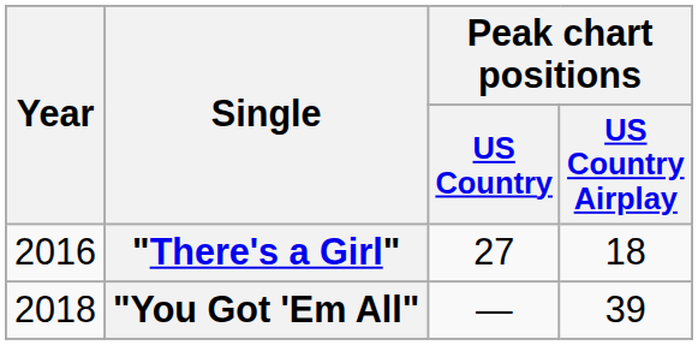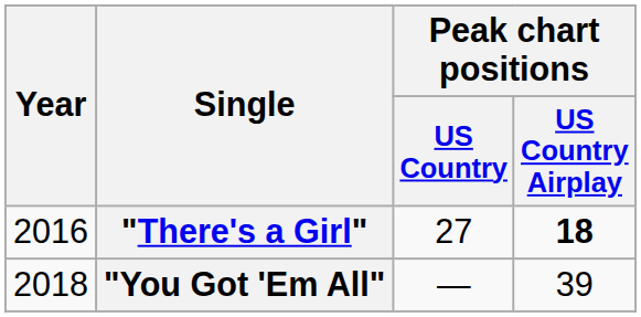 <table class="wikitable plainrowheaders" style="text-align:center;">
 <tr>
 <th rowspan="2">Year</th>
 <th rowspan="2">Single</th>
 <th colspan="3">Peak chart positions</th>
 </tr>
 <tr style="font-size:smaller;">
 <th style="width:45px;"><a href='#'>US Country</a><br></th>
 <th style="width:45px;"><a href='#'>US Country Airplay</a><br></th>
 </tr>
 <tr>
 <td>2016</td>
 <th scope="row">"<a href='#'>There's a Girl</a>"</th>
 <td>27</td>
-<td>18</td>
+<td><strong>18</strong></td>
 </tr>
 <tr>
 <td>2018</td>
 <th scope="row">"You Got 'Em All"</th>
 <td>—</td>
 <td>39</td>
 </tr>
 </table>
